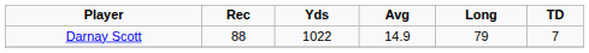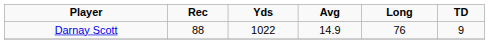 <table class="wikitable" width="80%">
 <tr align="center">
 <td><strong>Player</strong></td>
 <td><strong>Rec</strong></td>
 <td><strong>Yds</strong></td>
 <td><strong>Avg</strong></td>
 <td><strong>Long</strong></td>
 <td><strong>TD</strong></td>
 </tr>
 <tr align="center" bgcolor="">
 <td><a href='#'>Darnay Scott</a></td>
 <td>88</td>
 <td>1022</td>
 <td>14.9</td>
-<td>79</td>
-<td>7</td>
+<td>76</td>
+<td>9</td>
 </tr>
 <tr align="center" bgcolor="">
 </tr>
 </table>
